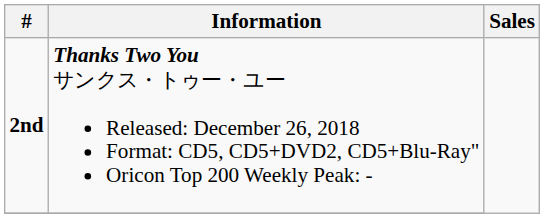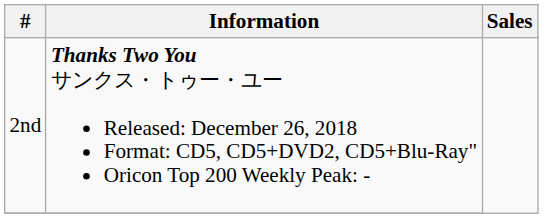 <table class="wikitable">
 <tr>
 <th>#</th>
 <th>Information</th>
 <th>Sales</th>
 </tr>
 <tr>
-<td><strong>2nd<br></strong></td>
+<td>2nd<br></td>
 <td><strong><em>Thanks Two You</em></strong><br>サンクス・トゥー・ユー<br><ul><li>Released: December 26, 2018</li><li>Format: CD5, CD5+DVD2, CD5+Blu-Ray"</li><li>Oricon Top 200 Weekly Peak: -</li></ul></td>
 </tr>
 <tr>
 </tr>
 </table>
